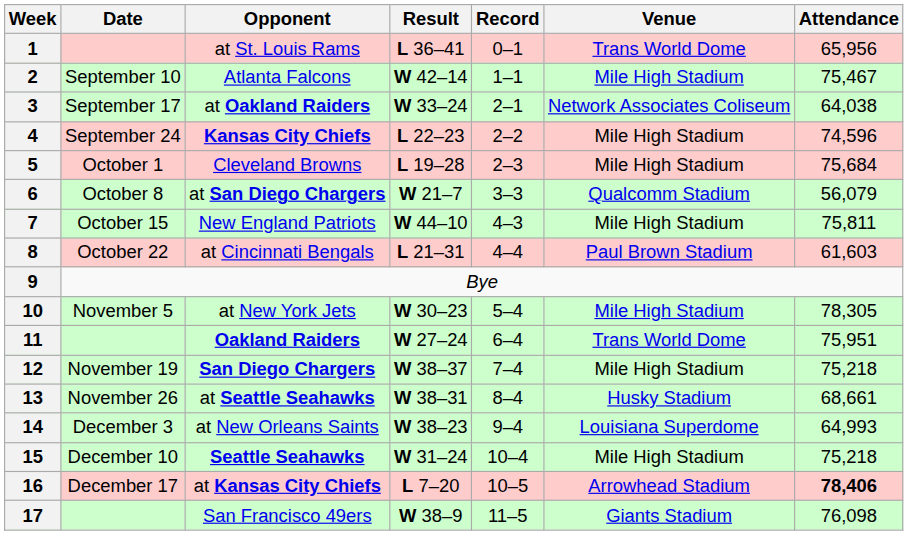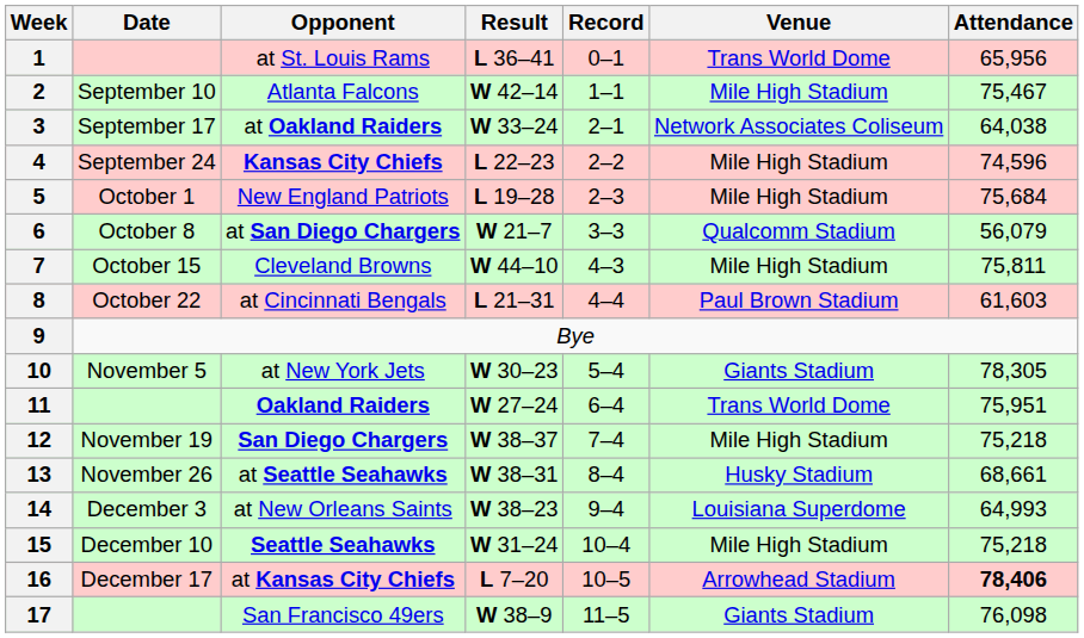 <table class="wikitable" style="text-align:center">
 <tr>
 <th>Week</th>
 <th>Date</th>
 <th>Opponent</th>
 <th>Result</th>
 <th>Record</th>
 <th>Venue</th>
 <th>Attendance</th>
 </tr>
 <tr style="background:#fcc">
 <th>1</th>
 <td></td>
 <td>at <a href='#'>St. Louis Rams</a></td>
 <td><strong>L</strong> 36–41</td>
 <td>0–1</td>
 <td><a href='#'>Trans World Dome</a></td>
 <td>65,956</td>
 </tr>
 <tr style="background:#cfc">
 <th>2</th>
 <td>September 10</td>
 <td><a href='#'>Atlanta Falcons</a></td>
 <td><strong>W</strong> 42–14</td>
 <td>1–1</td>
 <td><a href='#'>Mile High Stadium</a></td>
 <td>75,467</td>
 </tr>
 <tr style="background:#cfc">
 <th>3</th>
 <td>September 17</td>
 <td>at <strong><a href='#'>Oakland Raiders</a></strong></td>
 <td><strong>W</strong> 33–24</td>
 <td>2–1</td>
 <td><a href='#'>Network Associates Coliseum</a></td>
 <td>64,038</td>
 </tr>
 <tr style="background:#fcc">
 <th>4</th>
 <td>September 24</td>
 <td><strong><a href='#'>Kansas City Chiefs</a></strong></td>
 <td><strong>L</strong> 22–23</td>
 <td>2–2</td>
 <td>Mile High Stadium</td>
 <td>74,596</td>
 </tr>
 <tr style="background:#fcc">
 <th>5</th>
 <td>October 1</td>
-<td><a href='#'>Cleveland Browns</a></td>
+<td><a href='#'>New England Patriots</a></td>
 <td><strong>L</strong> 19–28</td>
 <td>2–3</td>
 <td>Mile High Stadium</td>
 <td>75,684</td>
 </tr>
 <tr style="background:#cfc">
 <th>6</th>
 <td>October 8</td>
 <td>at <strong><a href='#'>San Diego Chargers</a></strong></td>
 <td><strong>W</strong> 21–7</td>
 <td>3–3</td>
 <td><a href='#'>Qualcomm Stadium</a></td>
 <td>56,079</td>
 </tr>
 <tr style="background:#cfc">
 <th>7</th>
 <td>October 15</td>
-<td><a href='#'>New England Patriots</a></td>
+<td><a href='#'>Cleveland Browns</a></td>
 <td><strong>W</strong> 44–10</td>
 <td>4–3</td>
 <td>Mile High Stadium</td>
 <td>75,811</td>
 </tr>
 <tr style="background:#fcc">
 <th>8</th>
 <td>October 22</td>
 <td>at <a href='#'>Cincinnati Bengals</a></td>
 <td><strong>L</strong> 21–31</td>
 <td>4–4</td>
 <td><a href='#'>Paul Brown Stadium</a></td>
 <td>61,603</td>
 </tr>
 <tr>
 <th>9</th>
 <td colspan=6 align="center"><em>Bye</em></td>
 </tr>
 <tr style="background:#cfc">
 <th>10</th>
 <td>November 5</td>
 <td>at <a href='#'>New York Jets</a></td>
 <td><strong>W</strong> 30–23</td>
 <td>5–4</td>
-<td><a href='#'>Mile High Stadium</a></td>
+<td><a href='#'>Giants Stadium</a></td>
 <td>78,305</td>
 </tr>
 <tr style="background:#cfc">
 <th>11</th>
 <td></td>
 <td><strong><a href='#'>Oakland Raiders</a></strong></td>
 <td><strong>W</strong> 27–24</td>
 <td>6–4</td>
 <td><a href='#'>Trans World Dome</a></td>
 <td>75,951</td>
 </tr>
 <tr style="background:#cfc">
 <th>12</th>
 <td>November 19</td>
 <td><strong><a href='#'>San Diego Chargers</a></strong></td>
 <td><strong>W</strong> 38–37</td>
 <td>7–4</td>
 <td>Mile High Stadium</td>
 <td>75,218</td>
 </tr>
 <tr style="background:#cfc">
 <th>13</th>
 <td>November 26</td>
 <td>at <strong><a href='#'>Seattle Seahawks</a></strong></td>
 <td><strong>W</strong> 38–31</td>
 <td>8–4</td>
 <td><a href='#'>Husky Stadium</a></td>
 <td>68,661</td>
 </tr>
 <tr style="background:#cfc">
 <th>14</th>
 <td>December 3</td>
 <td>at <a href='#'>New Orleans Saints</a></td>
 <td><strong>W</strong> 38–23</td>
 <td>9–4</td>
 <td><a href='#'>Louisiana Superdome</a></td>
 <td>64,993</td>
 </tr>
 <tr style="background:#cfc">
 <th>15</th>
 <td>December 10</td>
 <td><strong><a href='#'>Seattle Seahawks</a></strong></td>
 <td><strong>W</strong> 31–24</td>
 <td>10–4</td>
 <td>Mile High Stadium</td>
 <td>75,218</td>
 </tr>
 <tr style="background:#fcc">
 <th>16</th>
 <td>December 17</td>
 <td>at <strong><a href='#'>Kansas City Chiefs</a></strong></td>
 <td><strong>L</strong> 7–20</td>
 <td>10–5</td>
 <td><a href='#'>Arrowhead Stadium</a></td>
 <td><strong>78,406</strong></td>
 </tr>
 <tr style="background:#cfc">
 <th>17</th>
 <td></td>
 <td><a href='#'>San Francisco 49ers</a></td>
 <td><strong>W</strong> 38–9</td>
 <td>11–5</td>
 <td><a href='#'>Giants Stadium</a></td>
 <td>76,098</td>
 </tr>
 </table>
